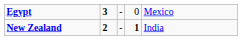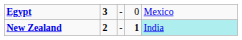 <table class="wikitable">
 <tr>
 <td width=150> <strong><a href='#'>Egypt</a></strong></td>
 <td style="width:20px; text-align:left;"><strong>3</strong></td>
 <td>-</td>
 <td style="width:20px; text-align:right;">0</td>
 <td width=150> <a href='#'>Mexico</a></td>
 </tr>
 <tr>
 <td> <strong><a href='#'>New Zealand</a></strong></td>
 <td style="text-align:left;"><strong>2</strong></td>
 <td>-</td>
 <td style="text-align:right;"><strong>1</strong></td>
-<td> <a href='#'>India</a></td>
+<td style="background: paleturquoise;"> <a href='#'>India</a></td>
 </tr>
 </table>
